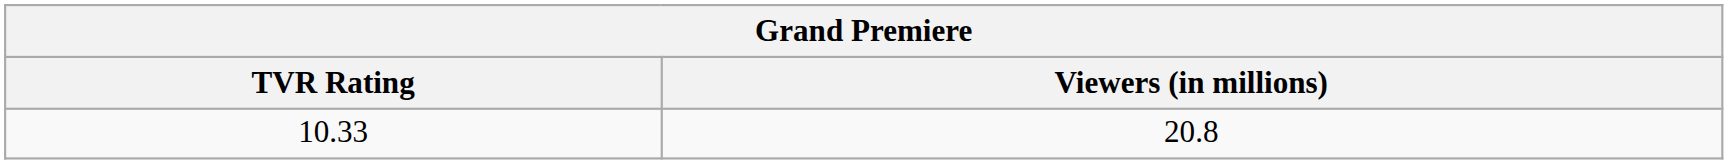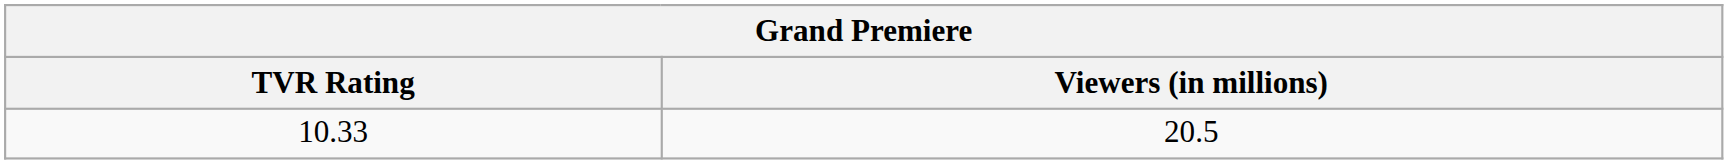 <table class="wikitable" style="font-size:90%; text-align:center; width: 90%; margin-left: auto; margin-right: auto;style=width:50em ">
 <tr>
 <th scope=col colspan=2>Grand Premiere</th>
 </tr>
 <tr>
 <th>TVR Rating</th>
 <th>Viewers (in millions)</th>
 </tr>
 <tr>
 <td>10.33</td>
-<td>20.8</td>
+<td>20.5</td>
 </tr>
 </table>
